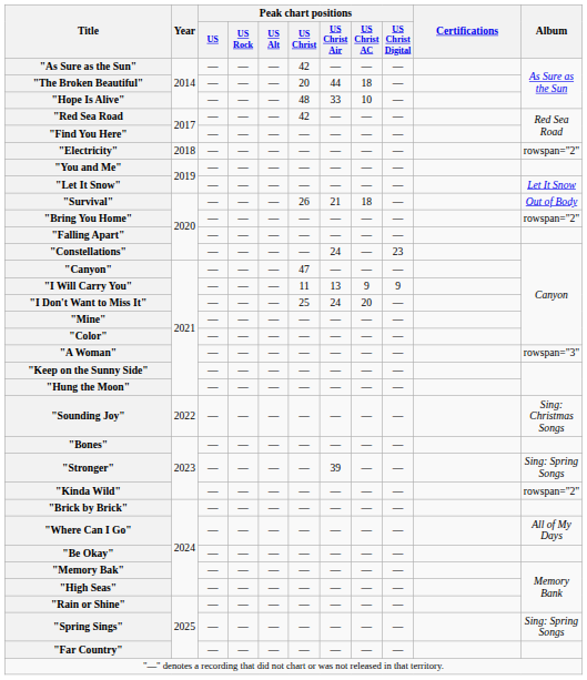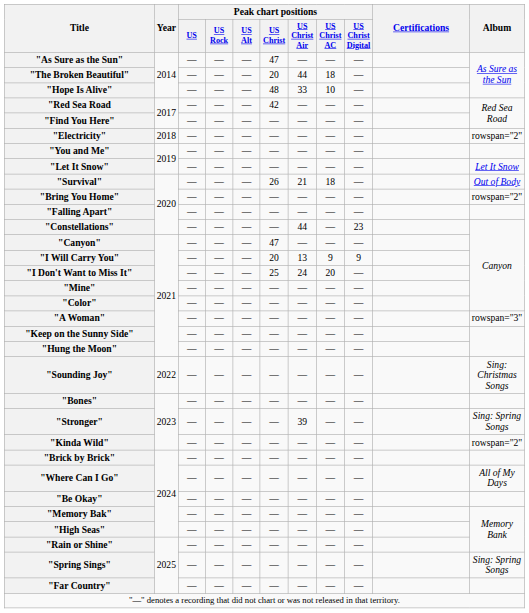 <table class="wikitable plainrowheaders" style="text-align:center;">
 <tr>
 <th rowspan="2" scope="col" style="width:16em;">Title</th>
 <th rowspan="2" scope="col">Year</th>
 <th colspan="7" scope="col">Peak chart positions</th>
 <th rowspan="2" scope="col" style="width:10em;"><a href='#'>Certifications</a></th>
 <th rowspan="2" scope="col">Album</th>
 </tr>
 <tr>
 <th scope="col" style="width:3em;font-size:85%;"><a href='#'>US</a><br></th>
 <th scope="col" style="width:3em;font-size:85%;"><a href='#'>US<br>Rock</a><br></th>
 <th scope="col" style="width:3em;font-size:85%;"><a href='#'>US<br>Alt</a><br></th>
 <th scope="col" style="width:3em;font-size:85%;"><a href='#'>US<br>Christ</a><br></th>
 <th scope="col" style="width:3em;font-size:85%;"><a href='#'>US<br>Christ<br>Air</a><br></th>
 <th scope="col" style="width:3em;font-size:85%;"><a href='#'>US<br>Christ<br>AC</a><br></th>
 <th scope="col" style="width:3em;font-size:85%;"><a href='#'>US<br>Christ<br>Digital</a><br></th>
 </tr>
 <tr>
 <th scope="row">"As Sure as the Sun"</th>
 <td rowspan="3">2014</td>
 <td>—</td>
 <td>—</td>
 <td>—</td>
-<td>42</td>
+<td>47</td>
 <td>—</td>
 <td>—</td>
 <td>—</td>
 <td></td>
 <td rowspan="3"><em><a href='#'>As Sure as the Sun</a></em></td>
 </tr>
 <tr>
 <th scope="row">"The Broken Beautiful"</th>
 <td>—</td>
 <td>—</td>
 <td>—</td>
 <td>20</td>
 <td>44</td>
 <td>18</td>
 <td>—</td>
 <td></td>
 </tr>
 <tr>
 <th scope="row">"Hope Is Alive"</th>
 <td>—</td>
 <td>—</td>
 <td>—</td>
 <td>48</td>
 <td>33</td>
 <td>10</td>
 <td>—</td>
 <td></td>
 </tr>
 <tr>
 <th scope="row">"Red Sea Road</th>
 <td rowspan="2">2017</td>
 <td>—</td>
 <td>—</td>
 <td>—</td>
 <td>42</td>
 <td>—</td>
 <td>—</td>
 <td>—</td>
 <td></td>
 <td rowspan="2"><em>Red Sea Road</em></td>
 </tr>
 <tr>
 <th scope="row">"Find You Here"</th>
 <td>—</td>
 <td>—</td>
 <td>—</td>
 <td>—</td>
 <td>—</td>
 <td>—</td>
 <td>—</td>
 <td></td>
 </tr>
 <tr>
 <th scope="row">"Electricity"<br></th>
 <td>2018</td>
 <td>—</td>
 <td>—</td>
 <td>—</td>
 <td>—</td>
 <td>—</td>
 <td>—</td>
 <td>—</td>
 <td></td>
 <td>rowspan="2" </td>
 </tr>
 <tr>
 <th scope="row">"You and Me"<br></th>
 <td rowspan="2">2019</td>
 <td>—</td>
 <td>—</td>
 <td>—</td>
 <td>—</td>
 <td>—</td>
 <td>—</td>
 <td>—</td>
 <td></td>
 </tr>
 <tr>
 <th scope="row">"Let It Snow"<br></th>
 <td>—</td>
 <td>—</td>
 <td>—</td>
 <td>—</td>
 <td>—</td>
 <td>—</td>
 <td>—</td>
 <td></td>
 <td><em><a href='#'>Let It Snow</a></em></td>
 </tr>
 <tr>
 <th scope="row">"Survival"<br></th>
 <td rowspan="4">2020</td>
 <td>—</td>
 <td>—</td>
 <td>—</td>
 <td>26</td>
 <td>21</td>
 <td>18</td>
 <td>—</td>
 <td></td>
 <td><em><a href='#'>Out of Body</a></em></td>
 </tr>
 <tr>
 <th scope="row">"Bring You Home"<br></th>
 <td>—</td>
 <td>—</td>
 <td>—</td>
 <td>—</td>
 <td>—</td>
 <td>—</td>
 <td>—</td>
 <td></td>
 <td>rowspan="2" </td>
 </tr>
 <tr>
 <th scope="row">"Falling Apart"<br></th>
 <td>—</td>
 <td>—</td>
 <td>—</td>
 <td>—</td>
 <td>—</td>
 <td>—</td>
 <td>—</td>
 <td></td>
 </tr>
 <tr>
 <th scope="row">"Constellations"</th>
 <td>—</td>
 <td>—</td>
 <td>—</td>
 <td>—</td>
-<td>24</td>
+<td>44</td>
 <td>—</td>
 <td>23</td>
 <td></td>
 <td rowspan="6"><em>Canyon</em></td>
 </tr>
 <tr>
 <th scope="row">"Canyon"</th>
 <td rowspan="8">2021</td>
 <td>—</td>
 <td>—</td>
 <td>—</td>
 <td>47</td>
 <td>—</td>
 <td>—</td>
 <td>—</td>
 <td></td>
 </tr>
 <tr>
 <th scope="row">"I Will Carry You"</th>
 <td>—</td>
 <td>—</td>
 <td>—</td>
-<td>11</td>
+<td>20</td>
 <td>13</td>
 <td>9</td>
 <td>9</td>
 <td></td>
 </tr>
 <tr>
 <th scope="row">"I Don't Want to Miss It"</th>
 <td>—</td>
 <td>—</td>
 <td>—</td>
 <td>25</td>
 <td>24</td>
 <td>20</td>
 <td>—</td>
 <td></td>
 </tr>
 <tr>
 <th scope="row">"Mine"<br></th>
 <td>—</td>
 <td>—</td>
 <td>—</td>
 <td>—</td>
 <td>—</td>
 <td>—</td>
 <td>—</td>
 <td></td>
 </tr>
 <tr>
 <th scope="row">"Color"</th>
 <td>—</td>
 <td>—</td>
 <td>—</td>
 <td>—</td>
 <td>—</td>
 <td>—</td>
 <td>—</td>
 <td></td>
 </tr>
 <tr>
 <th scope="row">"A Woman"<br></th>
 <td>—</td>
 <td>—</td>
 <td>—</td>
 <td>—</td>
 <td>—</td>
 <td>—</td>
 <td>—</td>
 <td></td>
 <td>rowspan="3" </td>
 </tr>
 <tr>
 <th scope="row">"Keep on the Sunny Side"<br></th>
 <td>—</td>
 <td>—</td>
 <td>—</td>
 <td>—</td>
 <td>—</td>
 <td>—</td>
 <td>—</td>
 <td></td>
 </tr>
 <tr>
 <th scope="row">"Hung the Moon"<br></th>
 <td>—</td>
 <td>—</td>
 <td>—</td>
 <td>—</td>
 <td>—</td>
 <td>—</td>
 <td>—</td>
 <td></td>
 </tr>
 <tr>
 <th scope="row">"Sounding Joy"</th>
 <td>2022</td>
 <td>—</td>
 <td>—</td>
 <td>—</td>
 <td>—</td>
 <td>—</td>
 <td>—</td>
 <td>—</td>
 <td></td>
 <td><em>Sing: Christmas Songs</em></td>
 </tr>
 <tr>
 <th scope="row">"Bones"<br></th>
 <td rowspan="3">2023</td>
 <td>—</td>
 <td>—</td>
 <td>—</td>
 <td>—</td>
 <td>—</td>
 <td>—</td>
 <td>—</td>
 <td></td>
 <td></td>
 </tr>
 <tr>
 <th scope="row">"Stronger"</th>
 <td>—</td>
 <td>—</td>
 <td>—</td>
 <td>—</td>
 <td>39</td>
 <td>—</td>
 <td>—</td>
 <td></td>
 <td><em>Sing: Spring Songs</em></td>
 </tr>
 <tr>
 <th scope="row">"Kinda Wild"<br></th>
 <td>—</td>
 <td>—</td>
 <td>—</td>
 <td>—</td>
 <td>—</td>
 <td>—</td>
 <td>—</td>
 <td></td>
 <td>rowspan="2" </td>
 </tr>
 <tr>
 <th scope="row">"Brick by Brick"<br></th>
 <td rowspan="5">2024</td>
 <td>—</td>
 <td>—</td>
 <td>—</td>
 <td>—</td>
 <td>—</td>
 <td>—</td>
 <td>—</td>
 <td></td>
 </tr>
 <tr>
 <th scope="row">"Where Can I Go"</th>
 <td>—</td>
 <td>—</td>
 <td>—</td>
 <td>—</td>
 <td>—</td>
 <td>—</td>
 <td>—</td>
 <td></td>
 <td><em>All of My Days</em></td>
 </tr>
 <tr>
 <th scope="row">"Be Okay"<br></th>
 <td>—</td>
 <td>—</td>
 <td>—</td>
 <td>—</td>
 <td>—</td>
 <td>—</td>
 <td>—</td>
 <td></td>
 <td></td>
 </tr>
 <tr>
 <th scope="row">"Memory Bak"<br></th>
 <td>—</td>
 <td>—</td>
 <td>—</td>
 <td>—</td>
 <td>—</td>
 <td>—</td>
 <td>—</td>
 <td></td>
 <td rowspan="3"><em>Memory Bank</em></td>
 </tr>
 <tr>
 <th scope="row">"High Seas"<br></th>
 <td>—</td>
 <td>—</td>
 <td>—</td>
 <td>—</td>
 <td>—</td>
 <td>—</td>
 <td>—</td>
 <td></td>
 </tr>
 <tr>
 <th scope="row">"Rain or Shine"<br></th>
 <td rowspan="3">2025</td>
 <td>—</td>
 <td>—</td>
 <td>—</td>
 <td>—</td>
 <td>—</td>
 <td>—</td>
 <td>—</td>
 <td></td>
 </tr>
 <tr>
 <th scope="row">"Spring Sings"</th>
 <td>—</td>
 <td>—</td>
 <td>—</td>
 <td>—</td>
 <td>—</td>
 <td>—</td>
 <td>—</td>
 <td></td>
 <td><em>Sing: Spring Songs</em></td>
 </tr>
 <tr>
 <th scope="row">"Far Country"</th>
 <td>—</td>
 <td>—</td>
 <td>—</td>
 <td>—</td>
 <td>—</td>
 <td>—</td>
 <td>—</td>
 <td></td>
 <td></td>
 </tr>
 <tr>
 <td colspan="11" style="font-size:90%">"—" denotes a recording that did not chart or was not released in that territory.</td>
 </tr>
 </table>
